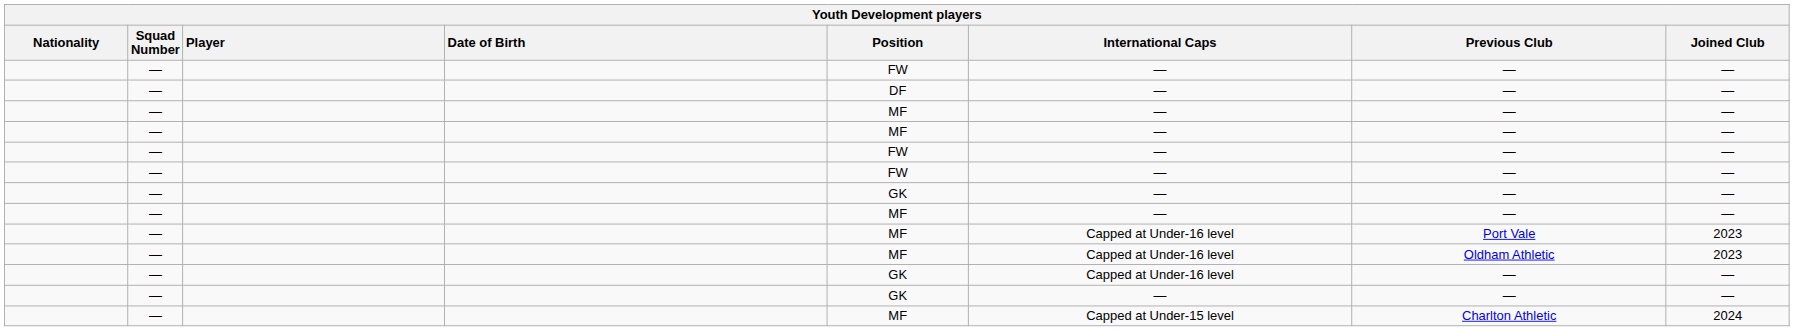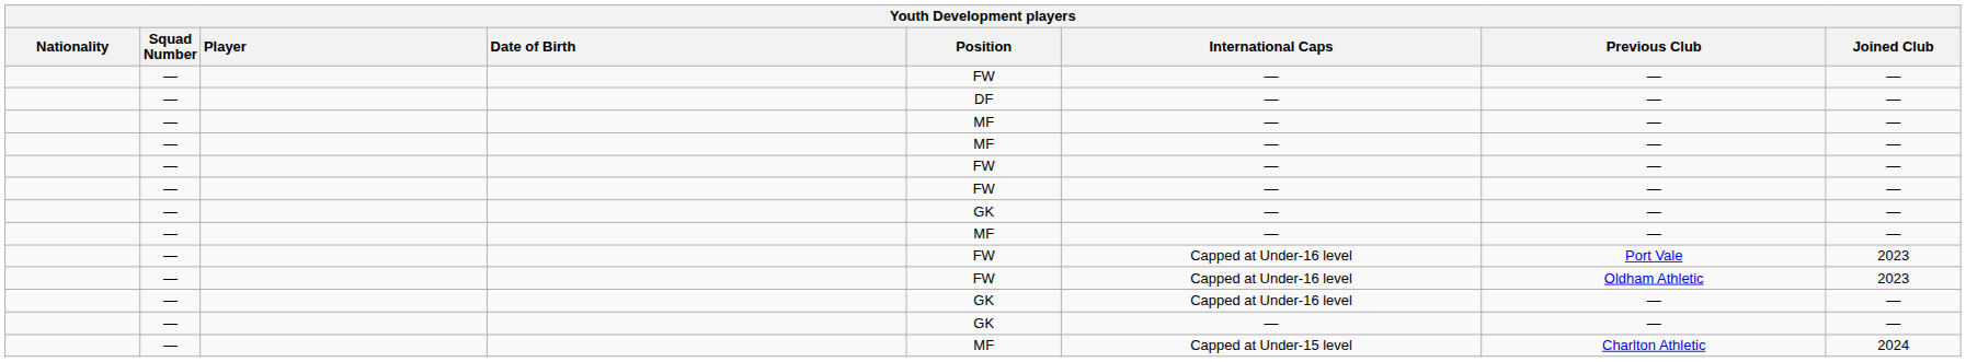 <table class="wikitable sortable" style="text-align:center; font-size:90%; width:100%;">
 <tr>
 <th colspan=100%>Youth Development players</th>
 </tr>
 <tr>
 <th style="width:7%;">Nationality</th>
 <th style="width:1%;">Squad Number</th>
 <th style="text-align:left; width:15%;">Player</th>
 <th style="text-align:left; width:22%;">Date of Birth</th>
 <th style="width:8%;">Position</th>
 <th style="width:22%;">International Caps</th>
 <th style="width:18%;">Previous Club</th>
 <th style="width:7%;">Joined Club</th>
 </tr>
 <tr>
 <td> </td>
 <td> —</td>
 <td></td>
 <td></td>
 <td> FW</td>
 <td> —</td>
 <td> —</td>
 <td> —</td>
 </tr>
 <tr>
 <td> </td>
 <td> —</td>
 <td></td>
 <td></td>
 <td> DF</td>
 <td> —</td>
 <td> —</td>
 <td> —</td>
 </tr>
 <tr>
 <td> </td>
 <td> —</td>
 <td></td>
 <td></td>
 <td> MF</td>
 <td> —</td>
 <td> —</td>
 <td> —</td>
 </tr>
 <tr>
 <td> </td>
 <td> —</td>
 <td></td>
 <td></td>
 <td> MF</td>
 <td> —</td>
 <td> —</td>
 <td> —</td>
 </tr>
 <tr>
 <td> </td>
 <td> —</td>
 <td></td>
 <td></td>
 <td> FW</td>
 <td> —</td>
 <td> —</td>
 <td> —</td>
 </tr>
 <tr>
 <td> </td>
 <td> —</td>
 <td></td>
 <td></td>
 <td> FW</td>
 <td> —</td>
 <td> —</td>
 <td> —</td>
 </tr>
 <tr>
 <td> </td>
 <td> —</td>
 <td></td>
 <td></td>
 <td> GK</td>
 <td> —</td>
 <td> —</td>
 <td> —</td>
 </tr>
 <tr>
 <td> </td>
 <td> —</td>
 <td></td>
 <td></td>
 <td> MF</td>
 <td> —</td>
 <td> —</td>
 <td> —</td>
 </tr>
 <tr>
 <td> </td>
 <td> —</td>
 <td></td>
 <td></td>
-<td> MF</td>
+<td> FW</td>
 <td>  Capped at Under-16 level</td>
 <td> <a href='#'>Port Vale</a></td>
 <td> 2023</td>
 </tr>
 <tr>
 <td> </td>
 <td> —</td>
 <td></td>
 <td></td>
-<td> MF</td>
+<td> FW</td>
 <td>  Capped at Under-16 level</td>
 <td> <a href='#'>Oldham Athletic</a></td>
 <td> 2023</td>
 </tr>
 <tr>
 <td> </td>
 <td> —</td>
 <td></td>
 <td></td>
 <td> GK</td>
 <td>  Capped at Under-16 level</td>
 <td> —</td>
 <td> —</td>
 </tr>
 <tr>
 <td> </td>
 <td> —</td>
 <td></td>
 <td></td>
 <td> GK</td>
 <td> —</td>
 <td> —</td>
 <td> —</td>
 </tr>
 <tr>
 <td> </td>
 <td> —</td>
 <td></td>
 <td></td>
 <td> MF</td>
 <td>  Capped at Under-15 level</td>
 <td> <a href='#'>Charlton Athletic</a></td>
 <td> 2024</td>
 </tr>
 </table>
